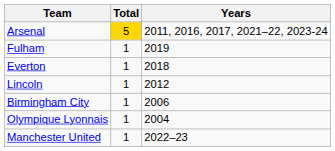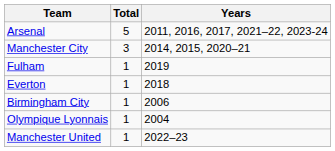 <table class="wikitable">
 <tr>
 <th>Team</th>
 <th>Total</th>
 <th class="unsortable">Years</th>
 </tr>
 <tr>
 <td><a href='#'>Arsenal</a></td>
-<td align=center style="background: gold;">5</td>
+<td align=center>5</td>
 <td>2011, 2016, 2017, 2021–22, 2023-24</td>
+</tr>
+<tr>
+<td><a href='#'>Manchester City</a></td>
+<td align="center">3</td>
+<td>2014, 2015, 2020–21</td>
 </tr>
 <tr>
 <td><a href='#'>Fulham</a></td>
 <td align=center>1</td>
 <td>2019</td>
 </tr>
 <tr>
 <td><a href='#'>Everton</a></td>
 <td align=center>1</td>
 <td>2018</td>
-</tr>
-<tr>
-<td><a href='#'>Lincoln</a></td>
-<td align=center>1</td>
-<td>2012</td>
 </tr>
 <tr>
 <td><a href='#'>Birmingham City</a></td>
 <td align=center>1</td>
 <td>2006</td>
 </tr>
 <tr>
 <td><a href='#'>Olympique Lyonnais</a></td>
 <td align=center>1</td>
 <td>2004</td>
 </tr>
 <tr>
 <td><a href='#'>Manchester United</a></td>
 <td align=center>1</td>
 <td>2022–23</td>
 </tr>
 </table>
